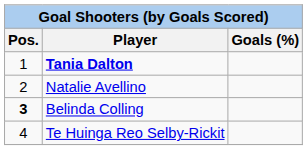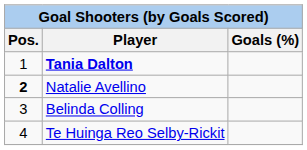 <table class="wikitable"  style="float:left; font-size:90%;">
 <tr>
 <th colspan=4 style=background:#ABCDEF>Goal Shooters (by Goals Scored)</th>
 </tr>
 <tr>
 <th>Pos.</th>
 <th>Player</th>
 <th>Goals (%)</th>
 </tr>
 <tr>
 <td align=center>1</td>
 <td><strong><a href='#'>Tania Dalton</a></strong></td>
 <td align=center></td>
 </tr>
 <tr>
-<td align=center>2</td>
+<td align=center><strong>2</strong></td>
 <td><a href='#'>Natalie Avellino</a></td>
 <td align=center></td>
 </tr>
 <tr>
-<td align=center><strong>3</strong></td>
+<td align=center>3</td>
 <td><a href='#'>Belinda Colling</a></td>
 <td align=center></td>
 </tr>
 <tr>
 <td align=center>4</td>
 <td><a href='#'>Te Huinga Reo Selby-Rickit</a></td>
 <td align=center></td>
 </tr>
 <tr>
 </tr>
 </table>
